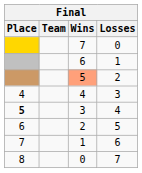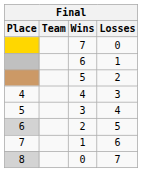 <table class=wikitable style="text-align:center">
 <tr>
 <th colspan=4>Final</th>
 </tr>
 <tr>
 <th>Place</th>
 <th>Team</th>
 <th>Wins</th>
 <th>Losses</th>
 </tr>
 <tr>
 <td bgcolor=gold></td>
 <td align=left></td>
 <td>7</td>
 <td>0</td>
 </tr>
 <tr>
 <td bgcolor=silver></td>
 <td align=left></td>
 <td>6</td>
 <td>1</td>
 </tr>
 <tr>
 <td bgcolor=cc9966></td>
 <td align=left></td>
-<td style="background: lightsalmon;">5</td>
+<td>5</td>
 <td>2</td>
 </tr>
 <tr>
 <td>4</td>
 <td align=left></td>
 <td>4</td>
 <td>3</td>
 </tr>
 <tr>
-<td><strong>5</strong></td>
+<td>5</td>
 <td align=left></td>
 <td>3</td>
 <td>4</td>
 </tr>
 <tr>
-<td>6</td>
+<td style="background: lightgrey;">6</td>
 <td align=left></td>
 <td>2</td>
 <td>5</td>
 </tr>
 <tr>
 <td>7</td>
 <td align=left></td>
 <td>1</td>
 <td>6</td>
 </tr>
 <tr>
-<td>8</td>
+<td style="background: lightgrey;">8</td>
 <td align=left></td>
 <td>0</td>
 <td>7</td>
 </tr>
 </table>
